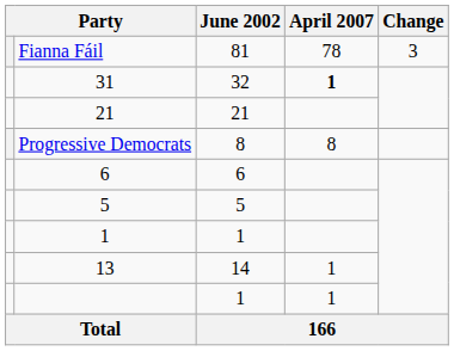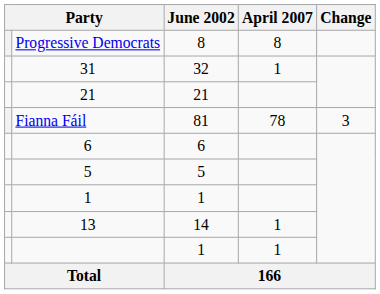 <table class="wikitable sortable" style="font-size: 95%;">
 <tr>
 <th colspan=2>Party</th>
 <th>June 2002</th>
 <th>April 2007</th>
 <th class=unsortable>Change</th>
 </tr>
 <tr>
 <th style="background-color: "></th>
-<td><a href='#'>Fianna Fáil</a></td>
-<td align="center">81</td>
-<td align="center">78</td>
-<td align="center"> 3</td>
+<td><a href='#'>Progressive Democrats</a></td>
+<td align="center">8</td>
+<td align="center">8</td>
+<td align="center"></td>
 </tr>
 <tr>
 <td></td>
 <td align="center">31</td>
 <td align="center">32</td>
-<td align="center"><strong> 1</strong></td>
+<td align="center"> 1</td>
 </tr>
 <tr>
 <td></td>
 <td align="center">21</td>
 <td align="center">21</td>
 <td align="center"></td>
 </tr>
 <tr>
 <th style="background-color: "></th>
-<td><a href='#'>Progressive Democrats</a></td>
-<td align="center">8</td>
-<td align="center">8</td>
-<td align="center"></td>
+<td><a href='#'>Fianna Fáil</a></td>
+<td align="center">81</td>
+<td align="center">78</td>
+<td align="center"> 3</td>
 </tr>
 <tr>
 <td></td>
 <td align="center">6</td>
 <td align="center">6</td>
 <td align="center"></td>
 </tr>
 <tr>
 <td></td>
 <td align="center">5</td>
 <td align="center">5</td>
 <td align="center"></td>
 </tr>
 <tr>
 <td></td>
 <td align="center">1</td>
 <td align="center">1</td>
 <td align="center"></td>
 </tr>
 <tr>
 <td></td>
 <td align="center">13</td>
 <td align="center">14</td>
 <td align="center"> 1</td>
 </tr>
 <tr>
 <td></td>
 <td></td>
 <td align="center">1</td>
 <td align="center"> 1</td>
 </tr>
 <tr>
 <th colspan="2"><strong>Total</strong></th>
 <th colspan="3" align="center"><strong>166</strong></th>
 </tr>
 </table>
